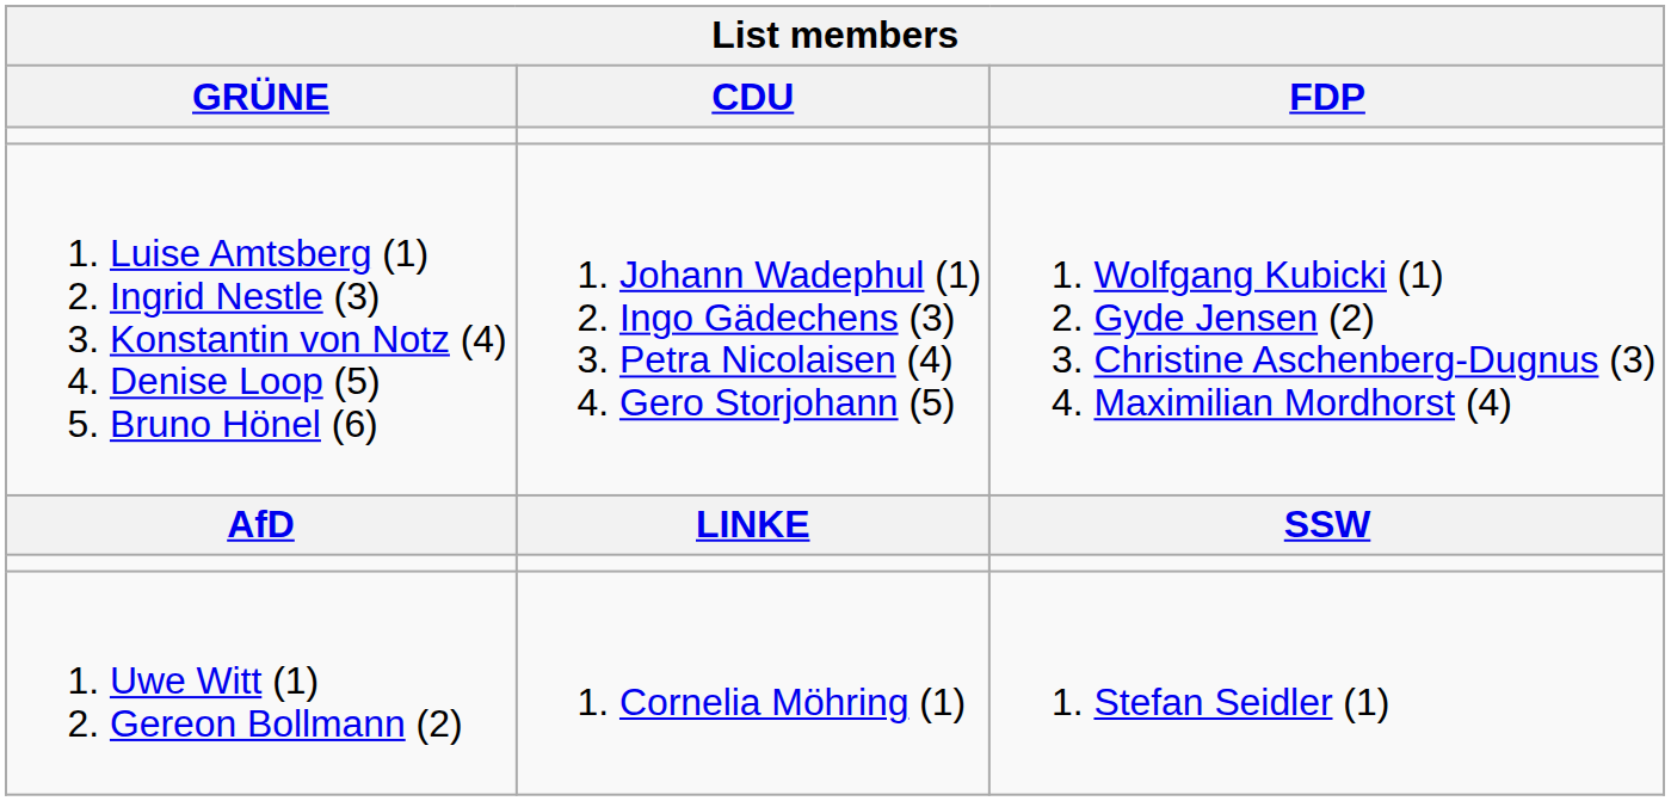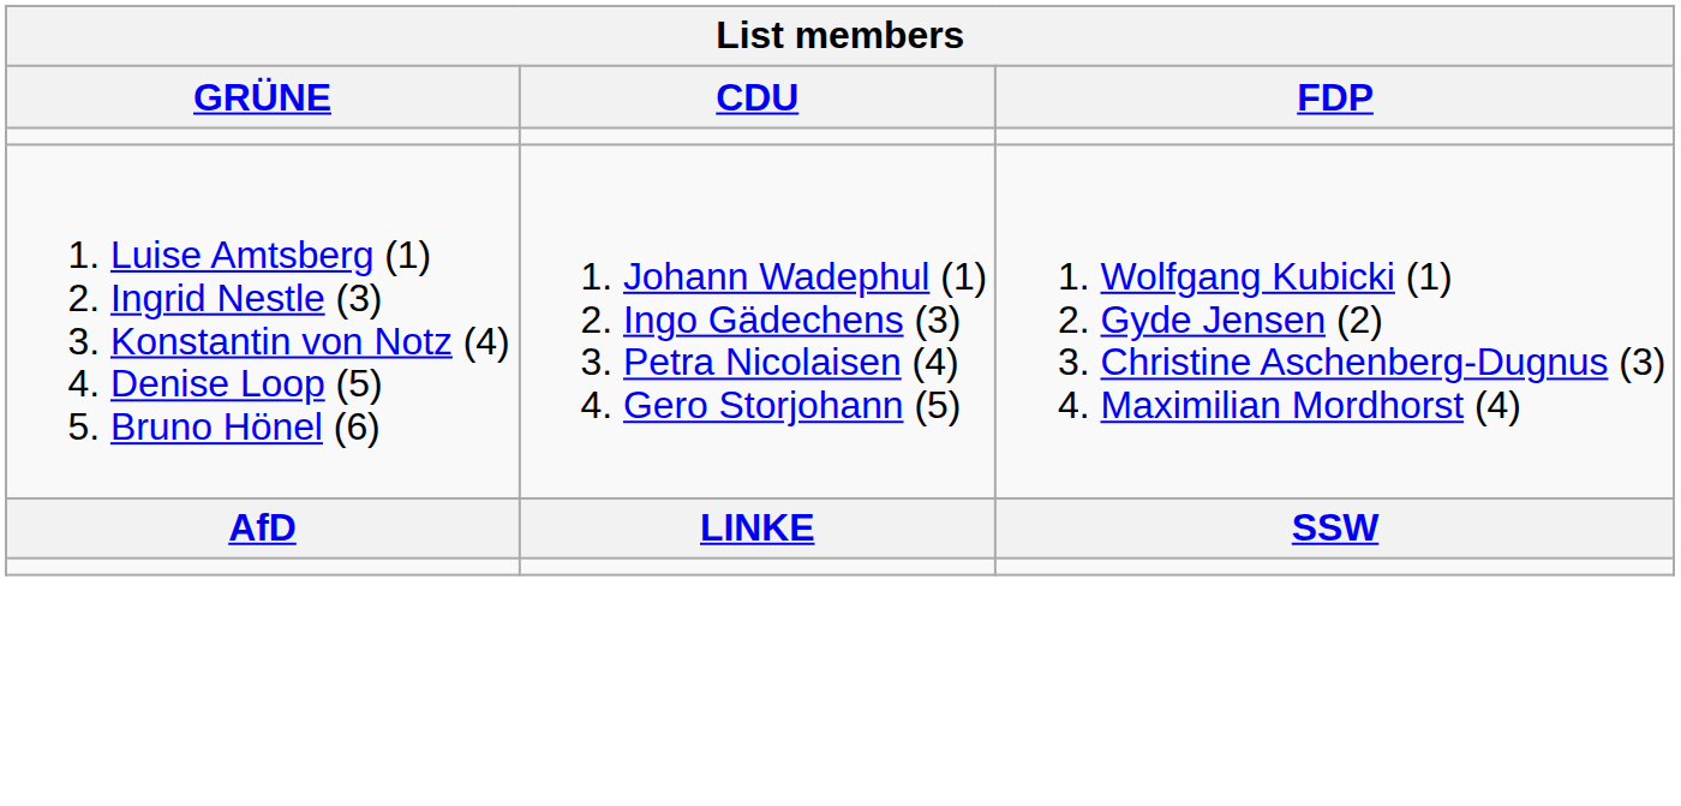 <table class=wikitable>
 <tr>
 <th colspan=3>List members</th>
 </tr>
 <tr>
 <th><a href='#'>GRÜNE</a></th>
 <th><a href='#'>CDU</a></th>
 <th><a href='#'>FDP</a></th>
 </tr>
 <tr>
 <td bgcolor=></td>
 <td bgcolor=></td>
 <td bgcolor=></td>
 </tr>
 <tr>
 <td><br><ol><li><a href='#'>Luise Amtsberg</a> (1)</li><li><a href='#'>Ingrid Nestle</a> (3)</li><li><a href='#'>Konstantin von Notz</a> (4)</li><li><a href='#'>Denise Loop</a> (5)</li><li><a href='#'>Bruno Hönel</a> (6)</li></ol></td>
 <td><br><ol><li><a href='#'>Johann Wadephul</a> (1)</li><li><a href='#'>Ingo Gädechens</a> (3)</li><li><a href='#'>Petra Nicolaisen</a> (4)</li><li><a href='#'>Gero Storjohann</a> (5)</li></ol></td>
 <td><br><ol><li><a href='#'>Wolfgang Kubicki</a> (1)</li><li><a href='#'>Gyde Jensen</a> (2)</li><li><a href='#'>Christine Aschenberg-Dugnus</a> (3)</li><li><a href='#'>Maximilian Mordhorst</a> (4)</li></ol></td>
 </tr>
 <tr>
 <th><a href='#'>AfD</a></th>
 <th><a href='#'>LINKE</a></th>
 <th><a href='#'>SSW</a></th>
 </tr>
 <tr>
 <td bgcolor=></td>
 <td bgcolor=></td>
 <td bgcolor=></td>
 </tr>
-<tr>
-<td><br><ol><li><a href='#'>Uwe Witt</a> (1)</li><li><a href='#'>Gereon Bollmann</a> (2)</li></ol></td>
-<td><br><ol><li><a href='#'>Cornelia Möhring</a> (1)</li></ol></td>
-<td><br><ol><li><a href='#'>Stefan Seidler</a> (1)</li></ol></td>
-</tr>
 </table>
